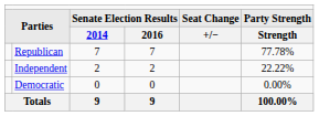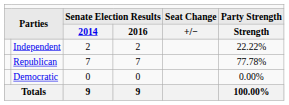 <table class   ="wikitable">
 <tr>
 <td colspan="6"></td>
 </tr>
 <tr>
 <th style   ="background:#e9e9e9; text-align:center" rowspan="2" colspan="2">Parties</th>
 <th style   ="background:#e9e9e9; text-align:center" colspan="2">Senate Election Results</th>
 <th style   ="background:#e9e9e9; text-align:center" colspan="1">Seat Change</th>
 <th style   ="background:#e9e9e9; text-align:center" colspan="1">Party Strength</th>
 </tr>
 <tr style ="background:#e9e9e9">
 <th><a href='#'>2014</a></th>
 <th>2016</th>
 <th>+/−</th>
 <th>Strength</th>
 </tr>
 <tr>
 <td style="background-color:"> </td>
+<td><a href='#'>Independent</a></td>
+<td align = center>2</td>
+<td align = center>2</td>
+<td align = center></td>
+<td align = center>22.22%</td>
+</tr>
+<tr>
+<td style="background-color:"> </td>
 <td><a href='#'>Republican</a></td>
 <td align = center>7</td>
 <td align = center>7</td>
 <td align = center></td>
 <td align = center>77.78%</td>
-</tr>
-<tr>
-<td style="background-color:"> </td>
-<td><a href='#'>Independent</a></td>
-<td align = center>2</td>
-<td align = center>2</td>
-<td align = center></td>
-<td align = center>22.22%</td>
 </tr>
 <tr>
 <td style="background-color:"> </td>
 <td><a href='#'>Democratic</a></td>
 <td align = center>0</td>
 <td align = center>0</td>
 <td align = center></td>
 <td align = center>0.00%</td>
 </tr>
 <tr style = "background:#ccc">
 <th colspan = "2">Totals</th>
 <th>9</th>
 <th>9</th>
 <th></th>
 <th>100.00%</th>
 </tr>
 </table>
